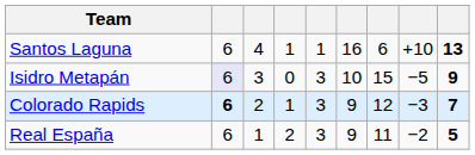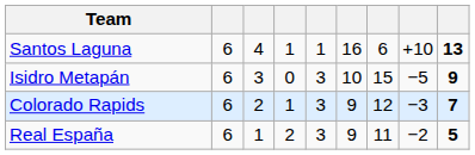 <table class="wikitable" style="text-align:center">
 <tr>
 <th style="width:175px;">Team</th>
 <th width="20"></th>
 <th width="20"></th>
 <th width="20"></th>
 <th width="20"></th>
 <th width="20"></th>
 <th width="20"></th>
 <th width="20"></th>
 <th width="20"></th>
 </tr>
 <tr>
 <td align=left> <a href='#'>Santos Laguna</a></td>
 <td>6</td>
 <td>4</td>
 <td>1</td>
 <td>1</td>
 <td>16</td>
 <td>6</td>
 <td>+10</td>
 <td><strong>13</strong></td>
 </tr>
 <tr>
 <td align=left> <a href='#'>Isidro Metapán</a></td>
-<td style="background: lavender;">6</td>
+<td>6</td>
 <td>3</td>
 <td>0</td>
 <td>3</td>
 <td>10</td>
 <td>15</td>
 <td>−5</td>
 <td><strong>9</strong></td>
 </tr>
 <tr style="background:#def;">
 <td align=left> <a href='#'>Colorado Rapids</a></td>
-<td><strong>6</strong></td>
+<td>6</td>
 <td>2</td>
 <td>1</td>
 <td>3</td>
 <td>9</td>
 <td>12</td>
 <td>−3</td>
 <td><strong>7</strong></td>
 </tr>
 <tr>
 <td align=left> <a href='#'>Real España</a></td>
 <td>6</td>
 <td>1</td>
 <td>2</td>
 <td>3</td>
 <td>9</td>
 <td>11</td>
 <td>−2</td>
 <td><strong>5</strong></td>
 </tr>
 </table>
